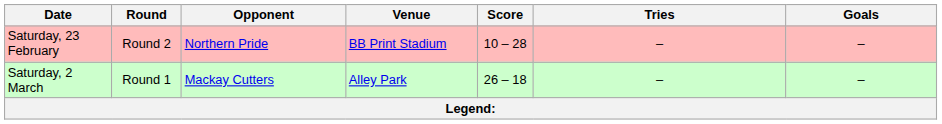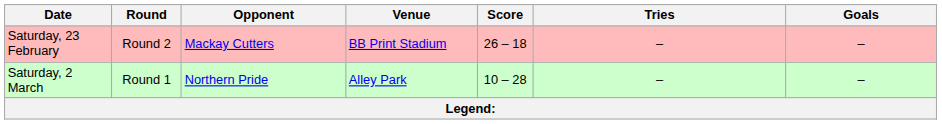 <table class="wikitable" style="font-size:75%;">
 <tr>
 <th style="width:105px;">Date</th>
 <th style="width:65px;">Round</th>
 <th style="width:170px;">Opponent</th>
 <th style="width:135px;">Venue</th>
 <th style="width:50px;">Score</th>
 <th style="width:280px;">Tries</th>
 <th style="width:160px;">Goals</th>
 </tr>
 <tr style="background:#FFBBBB">
 <td>Saturday, 23 February</td>
 <td style="text-align:center;">Round 2</td>
-<td> <a href='#'>Northern Pride</a></td>
+<td> <a href='#'>Mackay Cutters</a></td>
 <td><a href='#'>BB Print Stadium</a></td>
-<td style="text-align:center;">10 – 28</td>
+<td style="text-align:center;">26 – 18</td>
 <td style="text-align:center;">–</td>
 <td style="text-align:center;">–</td>
 </tr>
 <tr style="background:#cfc;">
 <td>Saturday, 2 March</td>
 <td style="text-align:center;">Round 1</td>
-<td> <a href='#'>Mackay Cutters</a></td>
+<td> <a href='#'>Northern Pride</a></td>
 <td><a href='#'>Alley Park</a></td>
-<td style="text-align:center;">26 – 18</td>
+<td style="text-align:center;">10 – 28</td>
 <td style="text-align:center;">–</td>
 <td style="text-align:center;">–</td>
 </tr>
 <tr>
 <th colspan="11"><strong>Legend</strong>:    </th>
 </tr>
 </table>
